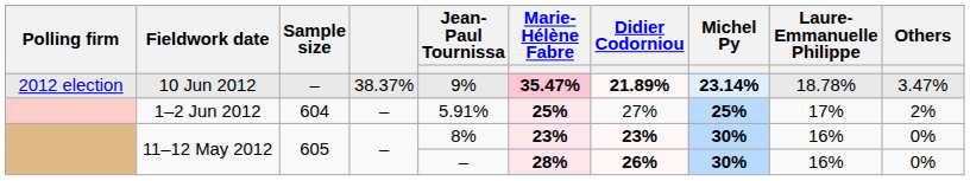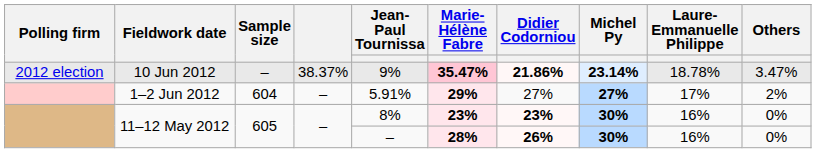 <table class="wikitable sortable" style="text-align:center;font-size:90%;line-height:14px;">
 <tr style="height:40px;">
 <th style="width:100px;" rowspan="2">Polling firm</th>
 <th style="width:110px;" rowspan="2">Fieldwork date</th>
 <th style="width:35px;" rowspan="2">Sample<br>size</th>
 <th style="width:30px;" rowspan="2"></th>
 <th class="unsortable" style="width:60px;">Jean-Paul Tournissa<br></th>
 <th class="unsortable" style="width:60px;"><a href='#'>Marie-Hélène Fabre</a><br></th>
 <th class="unsortable" style="width:60px;"><a href='#'>Didier Codorniou</a><br></th>
 <th class="unsortable" style="width:60px;">Michel Py<br></th>
 <th class="unsortable" style="width:60px;">Laure-Emmanuelle Philippe<br></th>
 <th class="unsortable" style="width:60px;">Others</th>
 </tr>
 <tr>
 <th style="background:"></th>
 <th style="background:"></th>
 <th style="background:"></th>
 <th style="background:"></th>
 <th style="background:"></th>
 <th style="background:"></th>
 </tr>
 <tr style="background:#E9E9E9;">
 <td><a href='#'>2012 election</a></td>
 <td data-sort-value="2012-06-10">10 Jun 2012</td>
 <td>–</td>
 <td>38.37%</td>
 <td>9%</td>
 <td style="background:#FFC6D5;"><strong>35.47%</strong></td>
-<td style="background:#FFF7F7;"><strong>21.89%</strong></td>
+<td style="background:#FFF7F7;"><strong>21.86%</strong></td>
 <td style="background:#DFEEFF;"><strong>23.14%</strong></td>
 <td>18.78%</td>
 <td>3.47%</td>
 </tr>
 <tr>
 <td style="background:#FFCCCC;"></td>
 <td data-sort-value="2012-06-02">1–2 Jun 2012</td>
 <td>604</td>
 <td>–</td>
 <td>5.91%</td>
-<td style="background:#FFE6EC;"><strong>25%</strong></td>
+<td style="background:#FFE6EC;"><strong>29%</strong></td>
 <td>27%</td>
-<td style="background:#B9DAFF;"><strong>25%</strong></td>
+<td style="background:#B9DAFF;"><strong>27%</strong></td>
 <td>17%</td>
 <td>2%</td>
 </tr>
 <tr>
 <td rowspan="2" style="background:burlywood;"></td>
 <td rowspan="2" data-sort-value="2012-05-12">11–12 May 2012</td>
 <td rowspan="2">605</td>
 <td rowspan="2">–</td>
 <td>8%</td>
 <td style="background:#FFE6EC;"><strong>23%</strong></td>
 <td style="background:#FFF7F7;"><strong>23%</strong></td>
 <td style="background:#B9DAFF;"><strong>30%</strong></td>
 <td>16%</td>
 <td>0%</td>
 </tr>
 <tr>
 <td>–</td>
 <td style="background:#FFE6EC;"><strong>28%</strong></td>
 <td style="background:#FFF7F7;"><strong>26%</strong></td>
 <td style="background:#B9DAFF;"><strong>30%</strong></td>
 <td>16%</td>
 <td>0%</td>
 </tr>
 </table>
